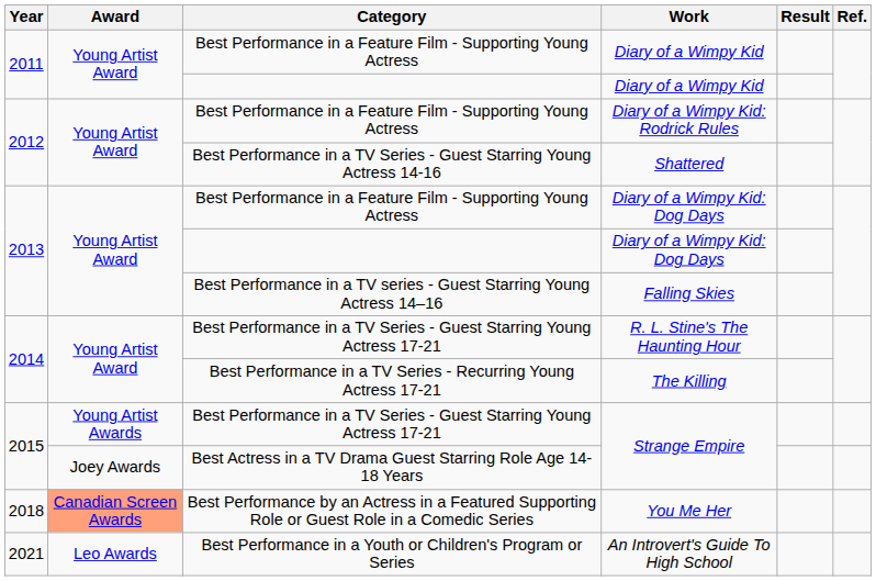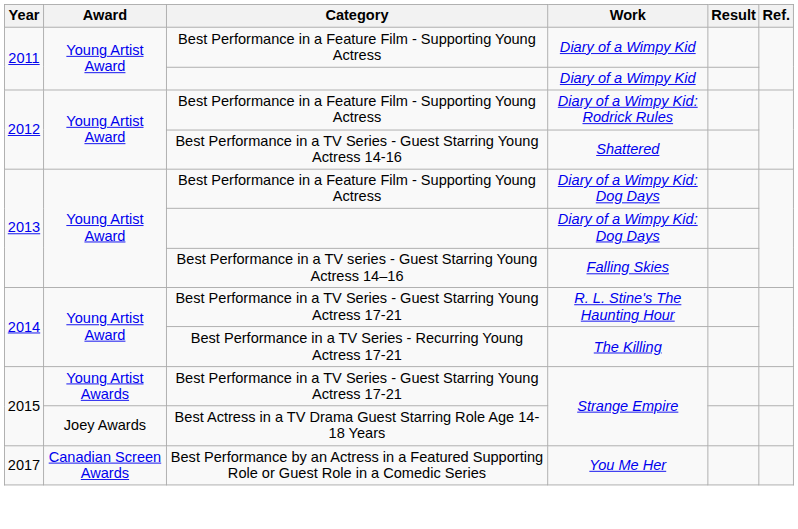 <table class="wikitable" rowspan=5; style="text-align: center;">
 <tr>
 <th>Year</th>
 <th>Award</th>
 <th>Category</th>
 <th>Work</th>
 <th>Result</th>
 <th>Ref.</th>
 </tr>
 <tr>
 <td rowspan=2><a href='#'>2011</a></td>
 <td rowspan=2><a href='#'>Young Artist Award</a></td>
 <td>Best Performance in a Feature Film - Supporting Young Actress</td>
 <td><em><a href='#'>Diary of a Wimpy Kid</a></em></td>
 <td></td>
 <td rowspan=2></td>
 </tr>
 <tr>
 <td></td>
 <td><em><a href='#'>Diary of a Wimpy Kid</a></em></td>
 <td></td>
 </tr>
 <tr>
 <td rowspan=2><a href='#'>2012</a></td>
 <td rowspan=2><a href='#'>Young Artist Award</a></td>
 <td>Best Performance in a Feature Film - Supporting Young Actress</td>
 <td><em><a href='#'>Diary of a Wimpy Kid: Rodrick Rules</a></em></td>
 <td></td>
 <td rowspan=2></td>
 </tr>
 <tr>
 <td>Best Performance in a TV Series - Guest Starring Young Actress 14-16</td>
 <td><em><a href='#'>Shattered</a></em></td>
 <td></td>
 </tr>
 <tr>
 <td rowspan=3><a href='#'>2013</a></td>
 <td rowspan=3><a href='#'>Young Artist Award</a></td>
 <td>Best Performance in a Feature Film - Supporting Young Actress</td>
 <td><em><a href='#'>Diary of a Wimpy Kid: Dog Days</a></em></td>
 <td></td>
 <td rowspan=3></td>
 </tr>
 <tr>
 <td></td>
 <td><em><a href='#'>Diary of a Wimpy Kid: Dog Days</a></em></td>
 <td></td>
 </tr>
 <tr>
 <td>Best Performance in a TV series - Guest Starring Young Actress 14–16</td>
 <td><em><a href='#'>Falling Skies</a></em></td>
 <td></td>
 </tr>
 <tr>
 <td rowspan=2><a href='#'>2014</a></td>
 <td rowspan=2><a href='#'>Young Artist Award</a></td>
 <td>Best Performance in a TV Series - Guest Starring Young Actress 17-21</td>
 <td><em><a href='#'>R. L. Stine's The Haunting Hour</a></em></td>
 <td></td>
 <td rowspan=2></td>
 </tr>
 <tr>
 <td>Best Performance in a TV Series - Recurring Young Actress 17-21</td>
 <td><em><a href='#'>The Killing</a></em></td>
 <td></td>
 </tr>
 <tr>
 <td rowspan="2">2015</td>
 <td><a href='#'>Young Artist Awards</a></td>
 <td>Best Performance in a TV Series - Guest Starring Young Actress 17-21</td>
 <td rowspan="2"><em><a href='#'>Strange Empire</a></em></td>
 <td></td>
 <td></td>
 </tr>
 <tr>
 <td>Joey Awards</td>
 <td>Best Actress in a TV Drama Guest Starring Role Age 14-18 Years</td>
 <td></td>
 <td></td>
 </tr>
 <tr>
-<td>2018</td>
-<td style="background: lightsalmon;"><a href='#'>Canadian Screen Awards</a></td>
+<td>2017</td>
+<td><a href='#'>Canadian Screen Awards</a></td>
 <td>Best Performance by an Actress in a Featured Supporting Role or Guest Role in a Comedic Series</td>
 <td><em><a href='#'>You Me Her</a></em></td>
 <td></td>
 <td></td>
 </tr>
-<tr>
-<td>2021</td>
-<td><a href='#'>Leo Awards</a></td>
-<td>Best Performance in a Youth or Children's Program or Series</td>
-<td><em>An Introvert's Guide To High School</em></td>
-<td></td>
-<td></td>
-</tr>
 </table>
